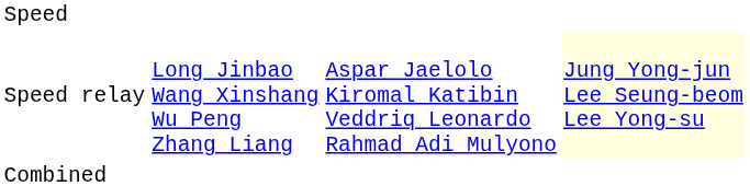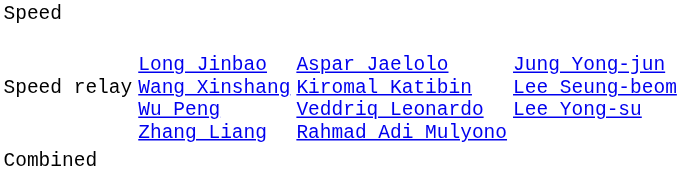 <table>
 <tr>
 <td>Speed<br></td>
 <td></td>
 <td></td>
 <td></td>
 </tr>
 <tr>
 <td>Speed relay<br></td>
 <td><br><a href='#'>Long Jinbao</a><br><a href='#'>Wang Xinshang</a><br><a href='#'>Wu Peng</a><br><a href='#'>Zhang Liang</a></td>
 <td><br><a href='#'>Aspar Jaelolo</a><br><a href='#'>Kiromal Katibin</a><br><a href='#'>Veddriq Leonardo</a><br><a href='#'>Rahmad Adi Mulyono</a></td>
-<td valign=top style="background: lightyellow;"><br><a href='#'>Jung Yong-jun</a><br><a href='#'>Lee Seung-beom</a><br><a href='#'>Lee Yong-su</a></td>
+<td valign=top><br><a href='#'>Jung Yong-jun</a><br><a href='#'>Lee Seung-beom</a><br><a href='#'>Lee Yong-su</a></td>
 </tr>
 <tr>
 <td>Combined<br></td>
 <td></td>
 <td></td>
 <td></td>
 </tr>
 </table>
